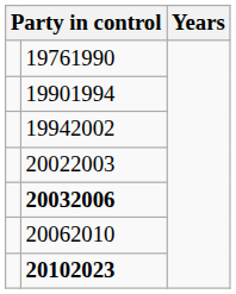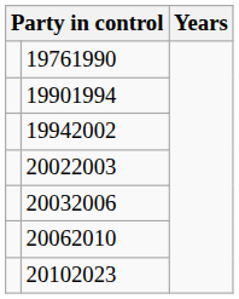 <table class="wikitable">
 <tr>
 <th colspan="2">Party in control</th>
 <th>Years</th>
 </tr>
 <tr>
 <td></td>
 <td>19761990</td>
 </tr>
 <tr>
 <td></td>
 <td>19901994</td>
 </tr>
 <tr>
 <td></td>
 <td>19942002</td>
 </tr>
 <tr>
 <td></td>
 <td>20022003</td>
 </tr>
 <tr>
 <td></td>
-<td><strong>20032006</strong></td>
+<td>20032006</td>
 </tr>
 <tr>
 <td></td>
 <td>20062010</td>
 </tr>
 <tr>
 <td></td>
-<td><strong>20102023</strong></td>
+<td>20102023</td>
 </tr>
 </table>
